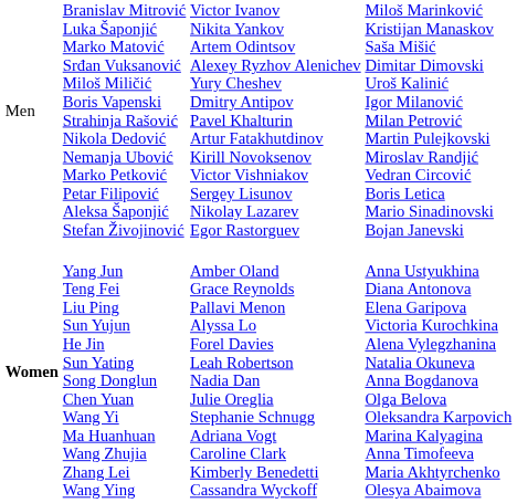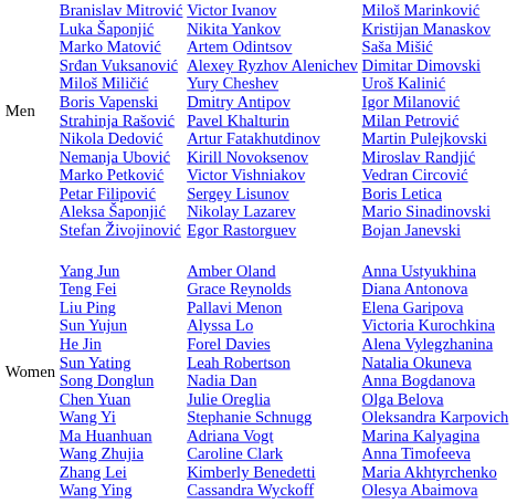 <table>
 <tr>
 <td>Men<br></td>
 <td><br><a href='#'>Branislav Mitrović</a><br><a href='#'>Luka Šaponjić</a><br><a href='#'>Marko Matović</a><br><a href='#'>Srđan Vuksanović</a><br><a href='#'>Miloš Miličić</a><br><a href='#'>Boris Vapenski</a><br><a href='#'>Strahinja Rašović</a><br><a href='#'>Nikola Dedović</a><br><a href='#'>Nemanja Ubović</a><br><a href='#'>Marko Petković</a><br><a href='#'>Petar Filipović</a><br><a href='#'>Aleksa Šaponjić</a><br><a href='#'>Stefan Živojinović</a></td>
 <td><br><a href='#'>Victor Ivanov</a><br><a href='#'>Nikita Yankov</a><br><a href='#'>Artem Odintsov</a><br><a href='#'>Alexey Ryzhov Alenichev</a><br><a href='#'>Yury Cheshev</a><br><a href='#'>Dmitry Antipov</a><br><a href='#'>Pavel Khalturin</a><br><a href='#'>Artur Fatakhutdinov</a><br><a href='#'>Kirill Novoksenov</a><br><a href='#'>Victor Vishniakov</a><br><a href='#'>Sergey Lisunov</a><br><a href='#'>Nikolay Lazarev</a><br><a href='#'>Egor Rastorguev</a></td>
 <td><br><a href='#'>Miloš Marinković</a><br><a href='#'>Kristijan Manaskov</a><br><a href='#'>Saša Mišić</a><br><a href='#'>Dimitar Dimovski</a><br><a href='#'>Uroš Kalinić</a><br><a href='#'>Igor Milanović</a><br><a href='#'>Milan Petrović</a><br><a href='#'>Martin Pulejkovski</a><br><a href='#'>Miroslav Randjić</a><br><a href='#'>Vedran Circović</a><br><a href='#'>Boris Letica</a><br><a href='#'>Mario Sinadinovski</a><br><a href='#'>Bojan Janevski</a></td>
 </tr>
 <tr>
-<td><strong>Women<br></strong></td>
+<td>Women<br></td>
 <td><br><a href='#'>Yang Jun</a><br><a href='#'>Teng Fei</a><br><a href='#'>Liu Ping</a><br><a href='#'>Sun Yujun</a><br><a href='#'>He Jin</a><br><a href='#'>Sun Yating</a><br><a href='#'>Song Donglun</a><br><a href='#'>Chen Yuan</a><br><a href='#'>Wang Yi</a><br><a href='#'>Ma Huanhuan</a><br><a href='#'>Wang Zhujia</a><br><a href='#'>Zhang Lei</a><br><a href='#'>Wang Ying</a></td>
 <td><br><a href='#'>Amber Oland</a><br><a href='#'>Grace Reynolds</a><br><a href='#'>Pallavi Menon</a><br><a href='#'>Alyssa Lo</a><br><a href='#'>Forel Davies</a><br><a href='#'>Leah Robertson</a><br><a href='#'>Nadia Dan</a><br><a href='#'>Julie Oreglia</a><br><a href='#'>Stephanie Schnugg</a><br><a href='#'>Adriana Vogt</a><br><a href='#'>Caroline Clark</a><br><a href='#'>Kimberly Benedetti</a><br><a href='#'>Cassandra Wyckoff</a></td>
 <td><br><a href='#'>Anna Ustyukhina</a><br><a href='#'>Diana Antonova</a><br><a href='#'>Elena Garipova</a><br><a href='#'>Victoria Kurochkina</a><br><a href='#'>Alena Vylegzhanina</a><br><a href='#'>Natalia Okuneva</a><br><a href='#'>Anna Bogdanova</a><br><a href='#'>Olga Belova</a><br><a href='#'>Oleksandra Karpovich</a><br><a href='#'>Marina Kalyagina</a><br><a href='#'>Anna Timofeeva</a><br><a href='#'>Maria Akhtyrchenko</a><br><a href='#'>Olesya Abaimova</a></td>
 </tr>
 </table>
